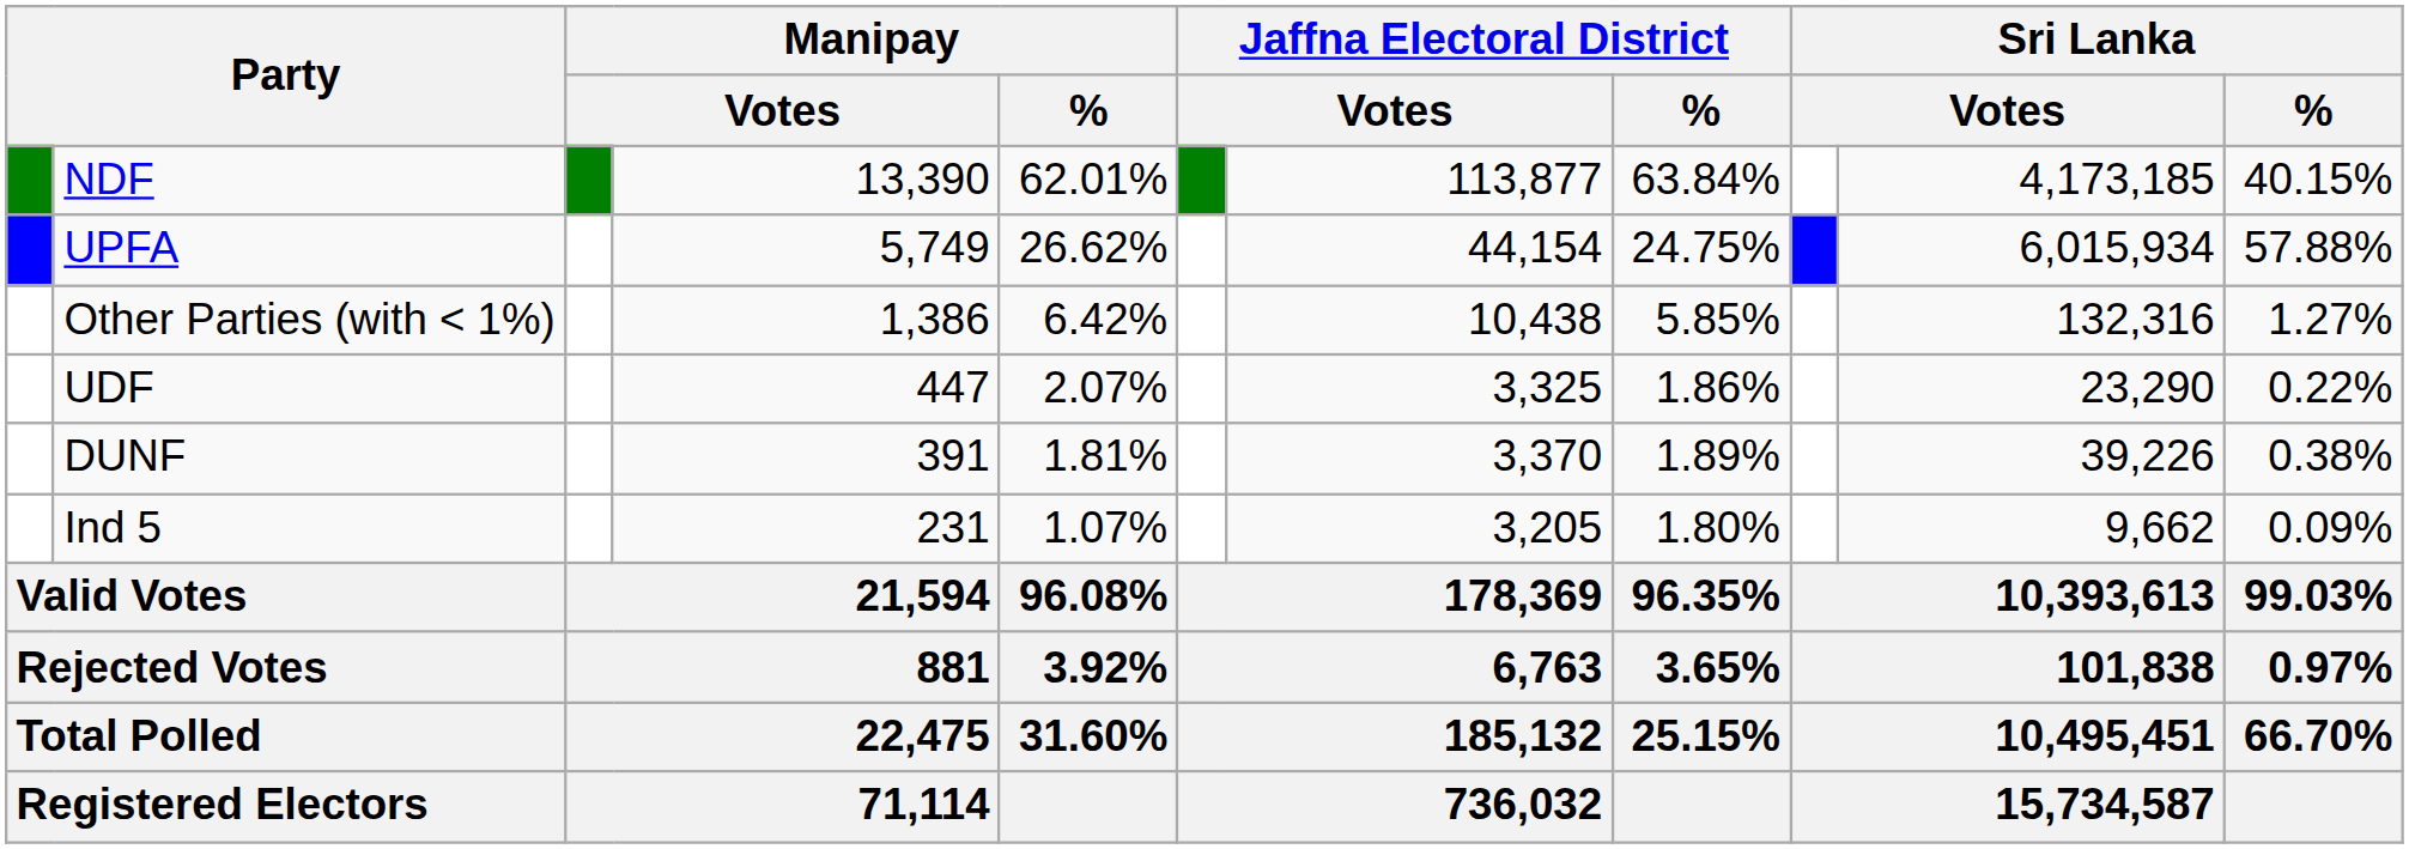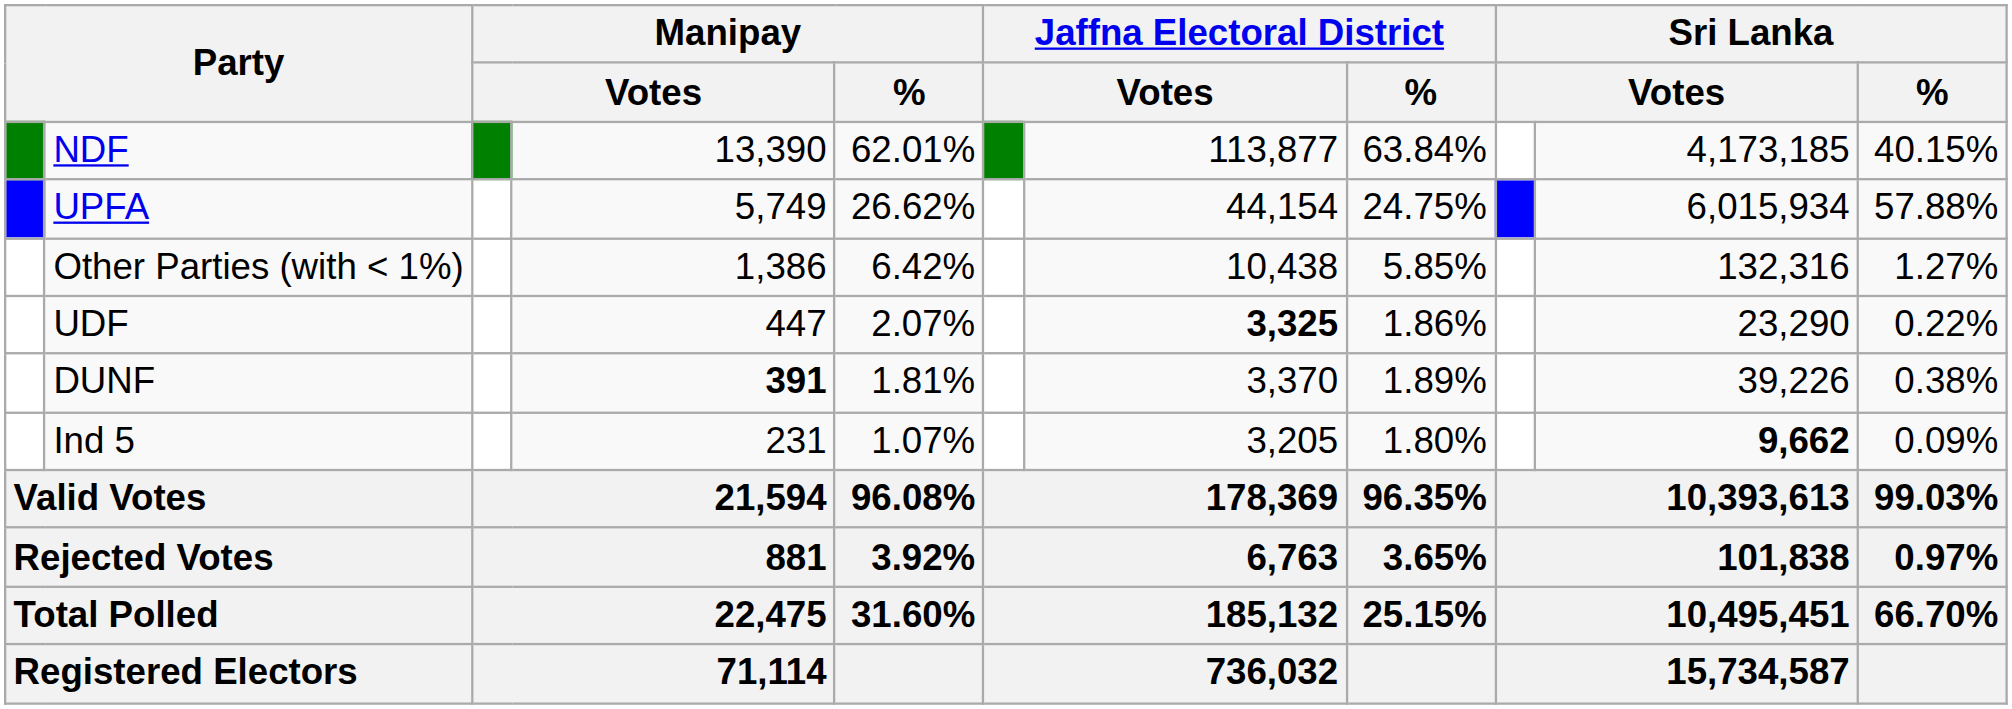 <table class="wikitable">
 <tr>
 <th colspan="2" width="144px"rowspan="2">Party</th>
 <th colspan="3" width="216px">Manipay</th>
 <th colspan="3" width="216px"><a href='#'>Jaffna Electoral District</a></th>
 <th colspan="3" width="216px">Sri Lanka</th>
 </tr>
 <tr>
 <th colspan="2" width="144px">Votes</th>
 <th>%</th>
 <th colspan="2" width="144px">Votes</th>
 <th>%</th>
 <th colspan="2" width="144px">Votes</th>
 <th>%</th>
 </tr>
 <tr>
 <td style="background-color:green;" width="10px"></td>
 <td style="text-align:left;"><a href='#'>NDF</a></td>
 <td style="background-color:green;" width="10px"></td>
 <td style="text-align:right;">13,390</td>
 <td style="text-align:right;">62.01%</td>
 <td style="background-color:green;" width="10px"></td>
 <td style="text-align:right;">113,877</td>
 <td style="text-align:right;">63.84%</td>
 <td style="background-color:white;" width="10px"></td>
 <td style="text-align:right;">4,173,185</td>
 <td style="text-align:right;">40.15%</td>
 </tr>
 <tr>
 <td style="background-color:blue;" width="10px"></td>
 <td style="text-align:left;"><a href='#'>UPFA</a></td>
 <td style="background-color:white;" width="10px"></td>
 <td style="text-align:right;">5,749</td>
 <td style="text-align:right;">26.62%</td>
 <td style="background-color:white;" width="10px"></td>
 <td style="text-align:right;">44,154</td>
 <td style="text-align:right;">24.75%</td>
 <td style="background-color:blue;" width="10px"></td>
 <td style="text-align:right;">6,015,934</td>
 <td style="text-align:right;">57.88%</td>
 </tr>
 <tr>
 <td style="background-color:white;" width="10px"></td>
 <td style="text-align:left;">Other Parties (with < 1%)</td>
 <td style="background-color:white;" width="10px"></td>
 <td style="text-align:right;">1,386</td>
 <td style="text-align:right;">6.42%</td>
 <td style="background-color:white;" width="10px"></td>
 <td style="text-align:right;">10,438</td>
 <td style="text-align:right;">5.85%</td>
 <td style="background-color:white;" width="10px"></td>
 <td style="text-align:right;">132,316</td>
 <td style="text-align:right;">1.27%</td>
 </tr>
 <tr>
 <td style="background-color:white;" width="10px"></td>
 <td style="text-align:left;">UDF</td>
 <td style="background-color:white;" width="10px"></td>
 <td style="text-align:right;">447</td>
 <td style="text-align:right;">2.07%</td>
 <td style="background-color:white;" width="10px"></td>
-<td style="text-align:right;">3,325</td>
+<td style="text-align:right;"><strong>3,325</strong></td>
 <td style="text-align:right;">1.86%</td>
 <td style="background-color:white;" width="10px"></td>
 <td style="text-align:right;">23,290</td>
 <td style="text-align:right;">0.22%</td>
 </tr>
 <tr>
 <td style="background-color:white;" width="10px"></td>
 <td style="text-align:left;">DUNF</td>
 <td style="background-color:white;" width="10px"></td>
-<td style="text-align:right;">391</td>
+<td style="text-align:right;"><strong>391</strong></td>
 <td style="text-align:right;">1.81%</td>
 <td style="background-color:white;" width="10px"></td>
 <td style="text-align:right;">3,370</td>
 <td style="text-align:right;">1.89%</td>
 <td style="background-color:white;" width="10px"></td>
 <td style="text-align:right;">39,226</td>
 <td style="text-align:right;">0.38%</td>
 </tr>
 <tr>
 <td style="background-color:white;" width="10px"></td>
 <td style="text-align:left;">Ind 5</td>
 <td style="background-color:white;" width="10px"></td>
 <td style="text-align:right;">231</td>
 <td style="text-align:right;">1.07%</td>
 <td style="background-color:white;" width="10px"></td>
 <td style="text-align:right;">3,205</td>
 <td style="text-align:right;">1.80%</td>
 <td style="background-color:white;" width="10px"></td>
-<td style="text-align:right;">9,662</td>
+<td style="text-align:right;"><strong>9,662</strong></td>
 <td style="text-align:right;">0.09%</td>
 </tr>
 <tr>
 <th colspan="2" width="144px"style="text-align:left;">Valid Votes</th>
 <th style="text-align:right;"colspan="2" width="144px">21,594</th>
 <th style="text-align:right;">96.08%</th>
 <th style="text-align:right;"colspan="2" width="144px">178,369</th>
 <th style="text-align:right;">96.35%</th>
 <th style="text-align:right;"colspan="2" width="144px">10,393,613</th>
 <th style="text-align:right;">99.03%</th>
 </tr>
 <tr>
 <th colspan="2" width="144px"style="text-align:left;">Rejected Votes</th>
 <th style="text-align:right;"colspan="2" width="144px">881</th>
 <th style="text-align:right;">3.92%</th>
 <th style="text-align:right;"colspan="2" width="144px">6,763</th>
 <th style="text-align:right;">3.65%</th>
 <th style="text-align:right;"colspan="2" width="144px">101,838</th>
 <th style="text-align:right;">0.97%</th>
 </tr>
 <tr>
 <th colspan="2" width="144px"style="text-align:left;">Total Polled</th>
 <th style="text-align:right;"colspan="2" width="144px">22,475</th>
 <th style="text-align:right;">31.60%</th>
 <th style="text-align:right;"colspan="2" width="144px">185,132</th>
 <th style="text-align:right;">25.15%</th>
 <th style="text-align:right;"colspan="2" width="144px">10,495,451</th>
 <th style="text-align:right;">66.70%</th>
 </tr>
 <tr>
 <th colspan="2" width="144px"style="text-align:left;">Registered Electors</th>
 <th style="text-align:right;"colspan="2" width="144px">71,114</th>
 <th></th>
 <th style="text-align:right;"colspan="2" width="144px">736,032</th>
 <th></th>
 <th style="text-align:right;"colspan="2" width="144px">15,734,587</th>
 <th></th>
 </tr>
 </table>
